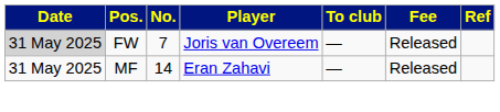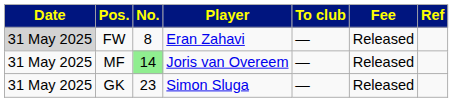 <table class="wikitable plainrowheaders sortable">
 <tr>
 <th style="background:#00157F; color:#FFFF00; ">Date</th>
 <th style="background:#00157F; color:#FFFF00; ">Pos.</th>
 <th style="background:#00157F; color:#FFFF00; ">No.</th>
 <th style="background:#00157F; color:#FFFF00; ">Player</th>
 <th style="background:#00157F; color:#FFFF00; ">To club</th>
 <th style="background:#00157F; color:#FFFF00; ">Fee</th>
 <th style="background:#00157F; color:#FFFF00; ">Ref</th>
 </tr>
 <tr>
 <td style="background: lightgrey;">31 May 2025</td>
 <td style="text-align:center;">FW</td>
-<td style="text-align:center;">7</td>
-<td style="text-align:left;"> <a href='#'>Joris van Overeem</a></td>
+<td style="text-align:center;">8</td>
+<td style="text-align:left;"> <a href='#'>Eran Zahavi</a></td>
 <td>—</td>
 <td>Released</td>
 <td></td>
 </tr>
 <tr>
 <td>31 May 2025</td>
 <td style="text-align:center;">MF</td>
-<td style="text-align:center;">14</td>
-<td style="text-align:left;"> <a href='#'>Eran Zahavi</a></td>
+<td style="background: lightgreen; text-align:center;">14</td>
+<td style="text-align:left;"> <a href='#'>Joris van Overeem</a></td>
 <td style="text-align:left;">—</td>
 <td>Released</td>
 <td></td>
 </tr>
+<tr>
+<td>31 May 2025</td>
+<td style="text-align: center;">GK</td>
+<td style="text-align: center;">23</td>
+<td style="text-align: left;"> <a href='#'>Simon Sluga</a></td>
+<td style="text-align: left;">—</td>
+<td>Released</td>
+<td></td>
+</tr>
 </table>
